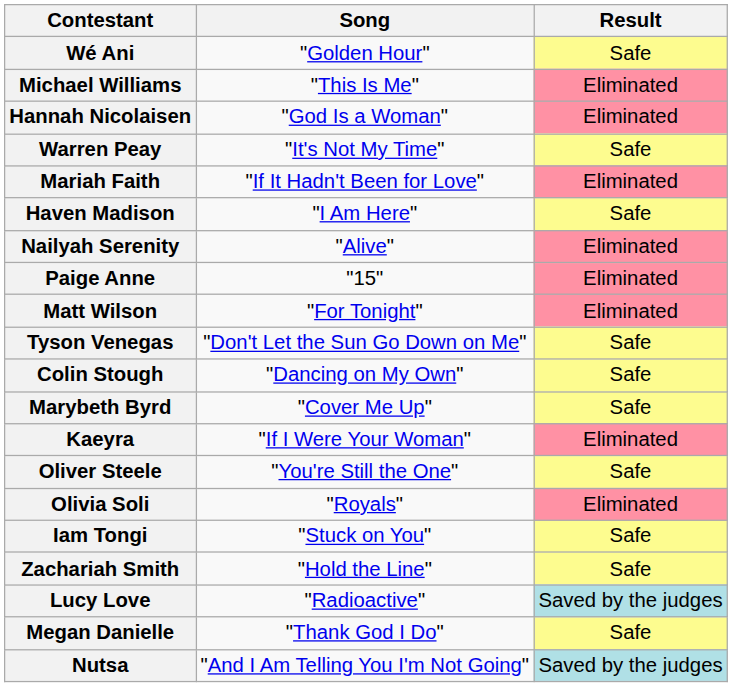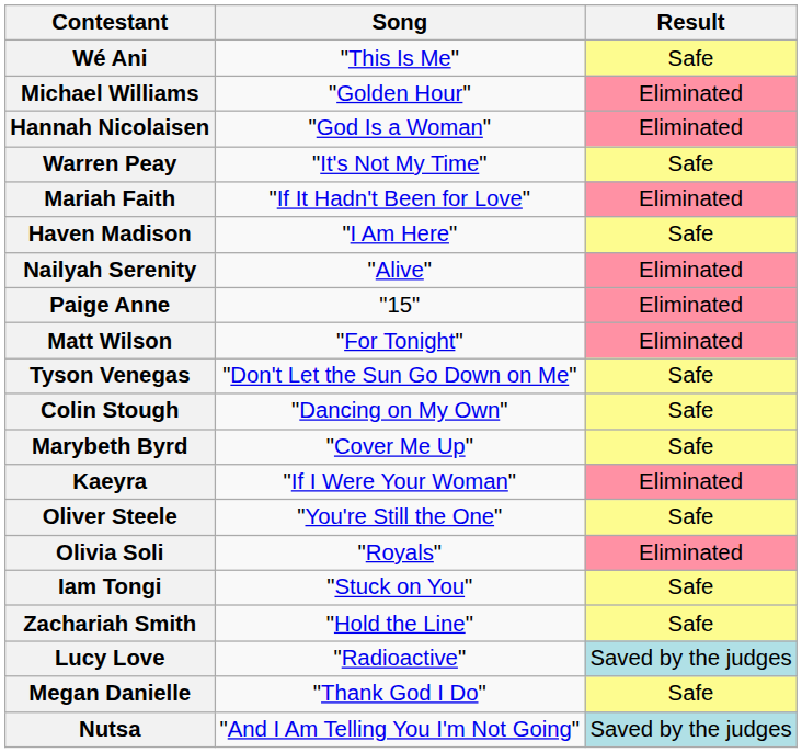 <table class="wikitable" style="text-align:center; white-space:nowrap">
 <tr>
 <th scope="col">Contestant</th>
 <th scope="col">Song</th>
 <th scope="col">Result</th>
 </tr>
 <tr>
 <th scope="row">Wé Ani</th>
-<td>"<a href='#'>Golden Hour</a>"</td>
+<td>"<a href='#'>This Is Me</a>"</td>
 <td style="background:#FDFC8F;">Safe</td>
 </tr>
 <tr>
 <th scope="row">Michael Williams</th>
-<td>"<a href='#'>This Is Me</a>"</td>
+<td>"<a href='#'>Golden Hour</a>"</td>
 <td style="background:#FF91A4;">Eliminated</td>
 </tr>
 <tr>
 <th scope="row">Hannah Nicolaisen</th>
 <td>"<a href='#'>God Is a Woman</a>"</td>
 <td style="background:#FF91A4;">Eliminated</td>
 </tr>
 <tr>
 <th scope="row">Warren Peay</th>
 <td>"<a href='#'>It's Not My Time</a>"</td>
 <td style="background:#FDFC8F;">Safe</td>
 </tr>
 <tr>
 <th scope="row">Mariah Faith</th>
 <td>"<a href='#'>If It Hadn't Been for Love</a>"</td>
 <td style="background:#FF91A4;">Eliminated</td>
 </tr>
 <tr>
 <th scope="row">Haven Madison</th>
 <td>"<a href='#'>I Am Here</a>"</td>
 <td style="background:#FDFC8F;">Safe</td>
 </tr>
 <tr>
 <th scope="row">Nailyah Serenity</th>
 <td>"<a href='#'>Alive</a>"</td>
 <td style="background:#FF91A4;">Eliminated</td>
 </tr>
 <tr>
 <th scope="row">Paige Anne</th>
 <td>"15"</td>
 <td style="background:#FF91A4;">Eliminated</td>
 </tr>
 <tr>
 <th scope="row">Matt Wilson</th>
 <td>"<a href='#'>For Tonight</a>"</td>
 <td style="background:#FF91A4;">Eliminated</td>
 </tr>
 <tr>
 <th scope="row">Tyson Venegas</th>
 <td>"<a href='#'>Don't Let the Sun Go Down on Me</a>"</td>
 <td style="background:#FDFC8F;">Safe</td>
 </tr>
 <tr>
 <th scope="row">Colin Stough</th>
 <td>"<a href='#'>Dancing on My Own</a>"</td>
 <td style="background:#FDFC8F;">Safe</td>
 </tr>
 <tr>
 <th scope="row">Marybeth Byrd</th>
 <td>"<a href='#'>Cover Me Up</a>"</td>
 <td style="background:#FDFC8F;">Safe</td>
 </tr>
 <tr>
 <th scope="row">Kaeyra</th>
 <td>"<a href='#'>If I Were Your Woman</a>"</td>
 <td style="background:#FF91A4;">Eliminated</td>
 </tr>
 <tr>
 <th scope="row">Oliver Steele</th>
 <td>"<a href='#'>You're Still the One</a>"</td>
 <td style="background:#FDFC8F;">Safe</td>
 </tr>
 <tr>
 <th scope="row">Olivia Soli</th>
 <td>"<a href='#'>Royals</a>"</td>
 <td style="background:#FF91A4;">Eliminated</td>
 </tr>
 <tr>
 <th scope="row">Iam Tongi</th>
 <td>"<a href='#'>Stuck on You</a>"</td>
 <td style="background:#FDFC8F;">Safe</td>
 </tr>
 <tr>
 <th scope="row">Zachariah Smith</th>
 <td>"<a href='#'>Hold the Line</a>"</td>
 <td style="background:#FDFC8F;">Safe</td>
 </tr>
 <tr>
 <th scope="row">Lucy Love</th>
 <td>"<a href='#'>Radioactive</a>"</td>
 <td style="background:#B0E0E6;">Saved by the judges</td>
 </tr>
 <tr>
 <th scope="row">Megan Danielle</th>
 <td>"<a href='#'>Thank God I Do</a>"</td>
 <td style="background:#FDFC8F;">Safe</td>
 </tr>
 <tr>
 <th scope="row">Nutsa</th>
 <td>"<a href='#'>And I Am Telling You I'm Not Going</a>"</td>
 <td style="background:#B0E0E6;">Saved by the judges</td>
 </tr>
 </table>
